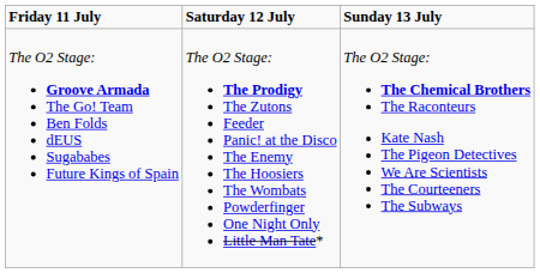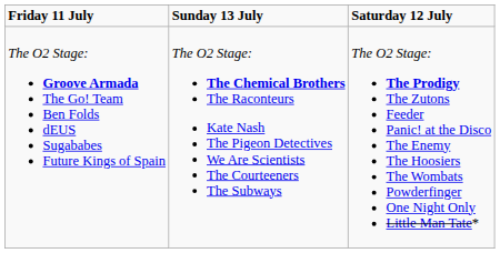 <table class="wikitable">
 <tr>
 <td><strong>Friday 11 July</strong></td>
+<td><strong>Sunday 13 July</strong></td>
 <td><strong>Saturday 12 July</strong></td>
-<td><strong>Sunday 13 July</strong></td>
 </tr>
 <tr valign="top">
 <td><br><em>The O2 Stage:</em><ul><li><strong><a href='#'>Groove Armada</a></strong></li><li><a href='#'>The Go! Team</a></li><li><a href='#'>Ben Folds</a></li><li><a href='#'>dEUS</a></li><li><a href='#'>Sugababes</a></li><li><a href='#'>Future Kings of Spain</a></li></ul></td>
+<td><br><em>The O2 Stage:</em><ul><li><strong><a href='#'>The Chemical Brothers</a></strong></li><li><a href='#'>The Raconteurs</a></li></ul><ul><li><a href='#'>Kate Nash</a></li><li><a href='#'>The Pigeon Detectives</a></li><li><a href='#'>We Are Scientists</a></li><li><a href='#'>The Courteeners</a></li><li><a href='#'>The Subways</a></li></ul></td>
 <td><br><em>The O2 Stage:</em><ul><li><strong><a href='#'>The Prodigy</a></strong></li><li><a href='#'>The Zutons</a></li><li><a href='#'>Feeder</a></li><li><a href='#'>Panic! at the Disco</a></li><li><a href='#'>The Enemy</a></li><li><a href='#'>The Hoosiers</a></li><li><a href='#'>The Wombats</a></li><li><a href='#'>Powderfinger</a></li><li><a href='#'>One Night Only</a></li><li><s><a href='#'>Little Man Tate</a></s>*</li></ul></td>
-<td><br><em>The O2 Stage:</em><ul><li><strong><a href='#'>The Chemical Brothers</a></strong></li><li><a href='#'>The Raconteurs</a></li></ul><ul><li><a href='#'>Kate Nash</a></li><li><a href='#'>The Pigeon Detectives</a></li><li><a href='#'>We Are Scientists</a></li><li><a href='#'>The Courteeners</a></li><li><a href='#'>The Subways</a></li></ul></td>
 </tr>
 </table>
